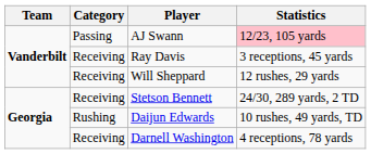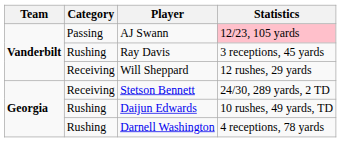 <table class="wikitable" style="float: left;">
 <tr>
 <th>Team</th>
 <th>Category</th>
 <th>Player</th>
 <th>Statistics</th>
 </tr>
 <tr>
 <td rowspan=3><strong>Vanderbilt</strong></td>
 <td>Passing</td>
 <td>AJ Swann</td>
 <td style="background: pink;">12/23, 105 yards</td>
 </tr>
 <tr>
-<td>Receiving</td>
+<td>Rushing</td>
 <td>Ray Davis</td>
 <td>3 receptions, 45 yards</td>
 </tr>
 <tr>
 <td>Receiving</td>
 <td>Will Sheppard</td>
 <td>12 rushes, 29 yards</td>
 </tr>
 <tr>
 <td rowspan=3><strong>Georgia</strong></td>
 <td>Receiving</td>
 <td><a href='#'>Stetson Bennett</a></td>
 <td>24/30, 289 yards, 2 TD</td>
 </tr>
 <tr>
 <td>Rushing</td>
 <td><a href='#'>Daijun Edwards</a></td>
 <td>10 rushes, 49 yards, TD</td>
 </tr>
 <tr>
-<td>Receiving</td>
+<td>Rushing</td>
 <td><a href='#'>Darnell Washington</a></td>
 <td>4 receptions, 78 yards</td>
 </tr>
 </table>
